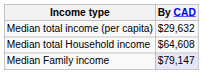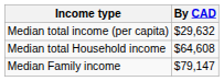 <table class="wikitable">
 <tr>
 <th>Income type</th>
 <th>By <a href='#'>CAD</a></th>
 </tr>
 <tr>
 <td>Median total income (per capita)</td>
 <td>$29,632</td>
 </tr>
 <tr>
 <td>Median total Household income</td>
 <td>$64,608</td>
 </tr>
 <tr>
 <td>Median Family income</td>
-<td style="background: lavender;">$79,147</td>
+<td>$79,147</td>
 </tr>
 </table>
